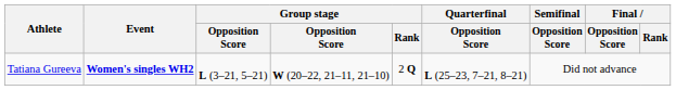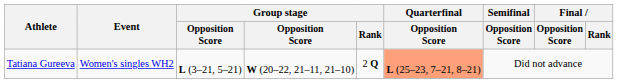 <table class="wikitable" style="font-size:90%; text-align:center">
 <tr>
 <th rowspan=2>Athlete</th>
 <th rowspan=2>Event</th>
 <th colspan=3>Group stage</th>
 <th>Quarterfinal</th>
 <th>Semifinal</th>
 <th colspan=2>Final / </th>
 </tr>
 <tr style="font-size:95%">
 <th>Opposition<br>Score</th>
 <th>Opposition<br>Score</th>
 <th>Rank</th>
 <th>Opposition<br>Score</th>
 <th>Opposition<br>Score</th>
 <th>Opposition<br>Score</th>
 <th>Rank</th>
 </tr>
 <tr>
 <td align=left><a href='#'>Tatiana Gureeva</a></td>
-<td align=left><strong><a href='#'>Women's singles WH2</a></strong></td>
+<td align=left><a href='#'>Women's singles WH2</a></td>
 <td><br><strong>L</strong> (3–21, 5–21)</td>
 <td><br><strong>W</strong> (20–22, 21–11, 21–10)</td>
 <td>2 <strong>Q</strong></td>
-<td><br><strong>L</strong> (25–23, 7–21, 8–21)</td>
+<td style="background: lightsalmon;"><br><strong>L</strong> (25–23, 7–21, 8–21)</td>
 <td colspan=3>Did not advance</td>
 </tr>
 </table>
